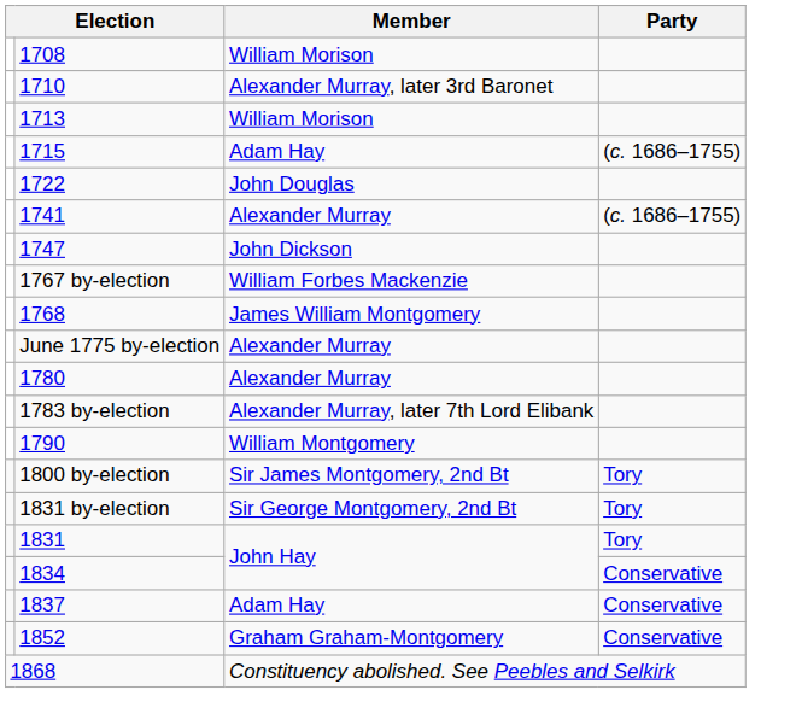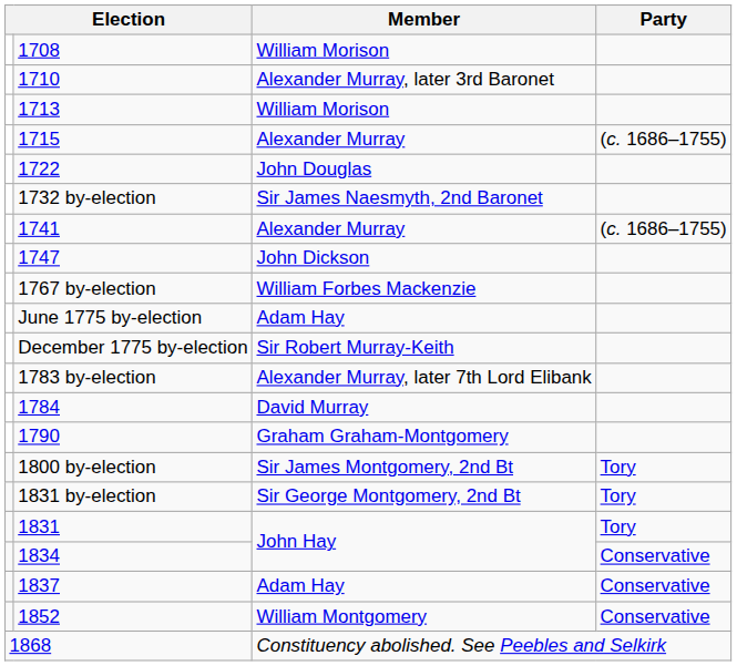 <table class="wikitable">
 <tr>
 <th colspan="2">Election</th>
 <th>Member</th>
 <th>Party</th>
 </tr>
 <tr>
 <td style="color:inherit;background-color: white"></td>
 <td><a href='#'>1708</a></td>
 <td><a href='#'>William Morison</a></td>
 <td></td>
 </tr>
 <tr>
 <td style="color:inherit;background-color: white"></td>
 <td><a href='#'>1710</a></td>
 <td><a href='#'>Alexander Murray</a>, later 3rd Baronet</td>
 <td></td>
 </tr>
 <tr>
 <td style="color:inherit;background-color: white"></td>
 <td><a href='#'>1713</a></td>
 <td><a href='#'>William Morison</a></td>
 <td></td>
 </tr>
 <tr>
 <td style="color:inherit;background-color: white"></td>
 <td><a href='#'>1715</a></td>
-<td><a href='#'>Adam Hay</a></td>
+<td><a href='#'>Alexander Murray</a></td>
 <td>(<em>c.</em> 1686–1755)</td>
 </tr>
 <tr>
 <td style="color:inherit;background-color: white"></td>
 <td><a href='#'>1722</a></td>
 <td><a href='#'>John Douglas</a></td>
+<td></td>
+</tr>
+<tr>
+<td style="color:inherit;background-color: white"></td>
+<td>1732 by-election</td>
+<td><a href='#'>Sir James Naesmyth, 2nd Baronet</a></td>
 <td></td>
 </tr>
 <tr>
 <td style="color:inherit;background-color: white"></td>
 <td><a href='#'>1741</a></td>
 <td><a href='#'>Alexander Murray</a></td>
 <td>(<em>c.</em> 1686–1755)</td>
 </tr>
 <tr>
 <td style="color:inherit;background-color: white"></td>
 <td><a href='#'>1747</a></td>
 <td><a href='#'>John Dickson</a></td>
 <td></td>
 </tr>
 <tr>
 <td style="color:inherit;background-color: white"></td>
 <td>1767 by-election</td>
 <td><a href='#'>William Forbes Mackenzie</a></td>
 <td></td>
 </tr>
 <tr>
 <td style="color:inherit;background-color: white"></td>
-<td><a href='#'>1768</a></td>
-<td><a href='#'>James William Montgomery</a></td>
+<td>June 1775 by-election</td>
+<td><a href='#'>Adam Hay</a></td>
 <td></td>
 </tr>
 <tr>
 <td style="color:inherit;background-color: white"></td>
-<td>June 1775 by-election</td>
-<td><a href='#'>Alexander Murray</a></td>
-<td></td>
-</tr>
-<tr>
-<td style="color:inherit;background-color: white"></td>
-<td><a href='#'>1780</a></td>
-<td><a href='#'>Alexander Murray</a></td>
+<td>December 1775 by-election</td>
+<td><a href='#'>Sir Robert Murray-Keith</a></td>
 <td></td>
 </tr>
 <tr>
 <td style="color:inherit;background-color: white"></td>
 <td>1783 by-election</td>
 <td><a href='#'>Alexander Murray</a>, later 7th Lord Elibank</td>
 <td></td>
 </tr>
 <tr>
 <td style="color:inherit;background-color: white"></td>
+<td><a href='#'>1784</a></td>
+<td><a href='#'>David Murray</a></td>
+<td></td>
+</tr>
+<tr>
+<td style="color:inherit;background-color: white"></td>
 <td><a href='#'>1790</a></td>
-<td><a href='#'>William Montgomery</a></td>
+<td><a href='#'>Graham Graham-Montgomery</a></td>
 <td></td>
 </tr>
 <tr>
 <td style="color:inherit;background-color: "></td>
 <td>1800 by-election</td>
 <td><a href='#'>Sir James Montgomery, 2nd Bt</a></td>
 <td><a href='#'>Tory</a></td>
 </tr>
 <tr>
 <td style="color:inherit;background-color: "></td>
 <td>1831 by-election</td>
 <td><a href='#'>Sir George Montgomery, 2nd Bt</a></td>
 <td><a href='#'>Tory</a></td>
 </tr>
 <tr>
 <td style="color:inherit;background-color: "></td>
 <td><a href='#'>1831</a></td>
 <td rowspan="2"><a href='#'>John Hay</a></td>
 <td><a href='#'>Tory</a></td>
 </tr>
 <tr>
 <td style="color:inherit;background-color: "></td>
 <td><a href='#'>1834</a></td>
 <td><a href='#'>Conservative</a></td>
 </tr>
 <tr>
 <td style="color:inherit;background-color: "></td>
 <td><a href='#'>1837</a></td>
 <td><a href='#'>Adam Hay</a></td>
 <td><a href='#'>Conservative</a></td>
 </tr>
 <tr>
 <td style="color:inherit;background-color: "></td>
 <td><a href='#'>1852</a></td>
-<td><a href='#'>Graham Graham-Montgomery</a></td>
+<td><a href='#'>William Montgomery</a></td>
 <td><a href='#'>Conservative</a></td>
 </tr>
 <tr>
 <td colspan="2"><a href='#'>1868</a></td>
 <td colspan="2"><em>Constituency abolished. See <a href='#'>Peebles and Selkirk</a></em></td>
 </tr>
 </table>
